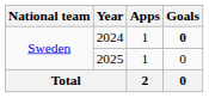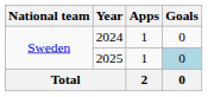 <table class="wikitable" style="text-align: center;">
 <tr>
 <th>National team</th>
 <th>Year</th>
 <th>Apps</th>
 <th>Goals</th>
 </tr>
 <tr>
 <td rowspan="2"><a href='#'>Sweden</a></td>
 <td>2024</td>
 <td>1</td>
-<td><strong>0</strong></td>
+<td>0</td>
 </tr>
 <tr>
 <td>2025</td>
 <td>1</td>
-<td>0</td>
+<td style="background: lightblue;">0</td>
 </tr>
 <tr>
 <th colspan="2">Total</th>
 <th>2</th>
 <th>0</th>
 </tr>
 </table>
